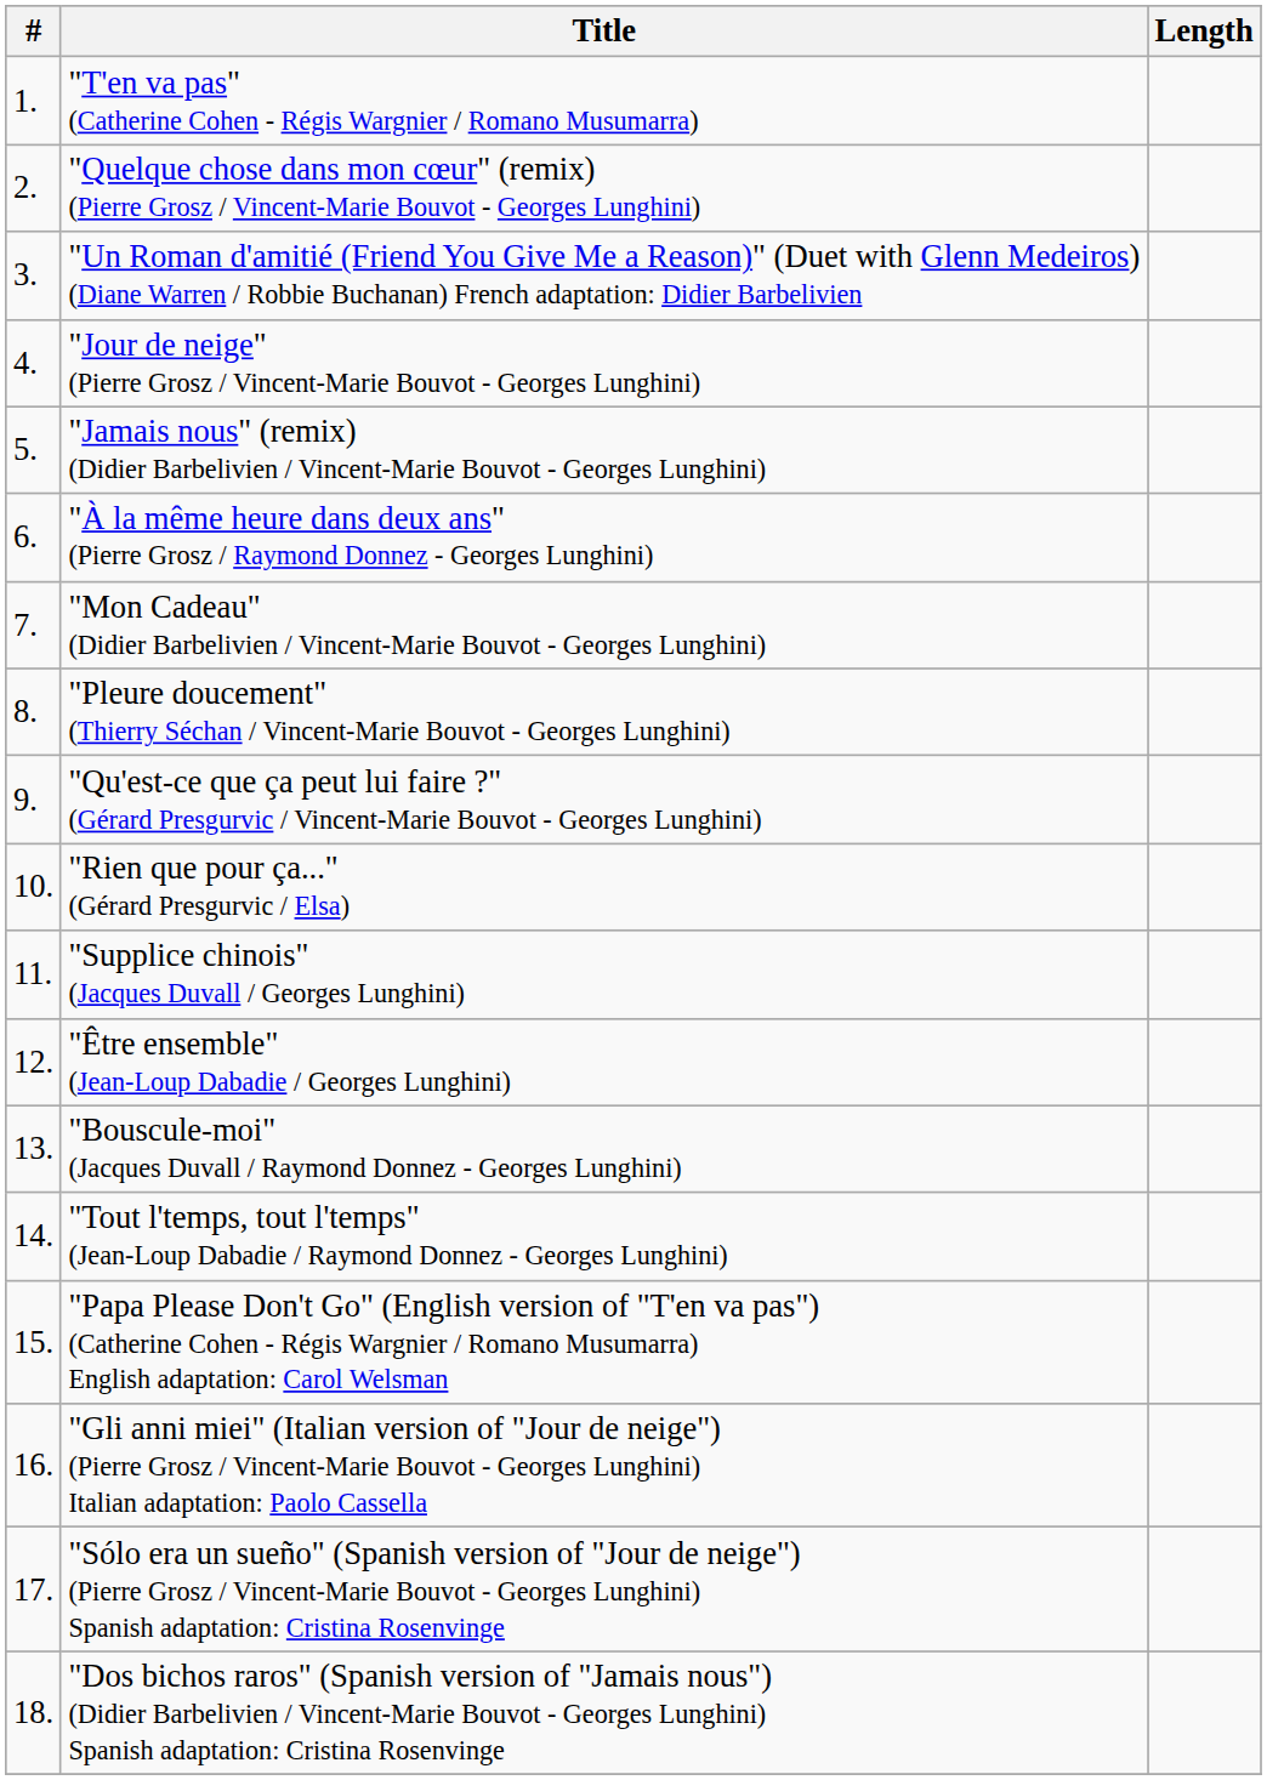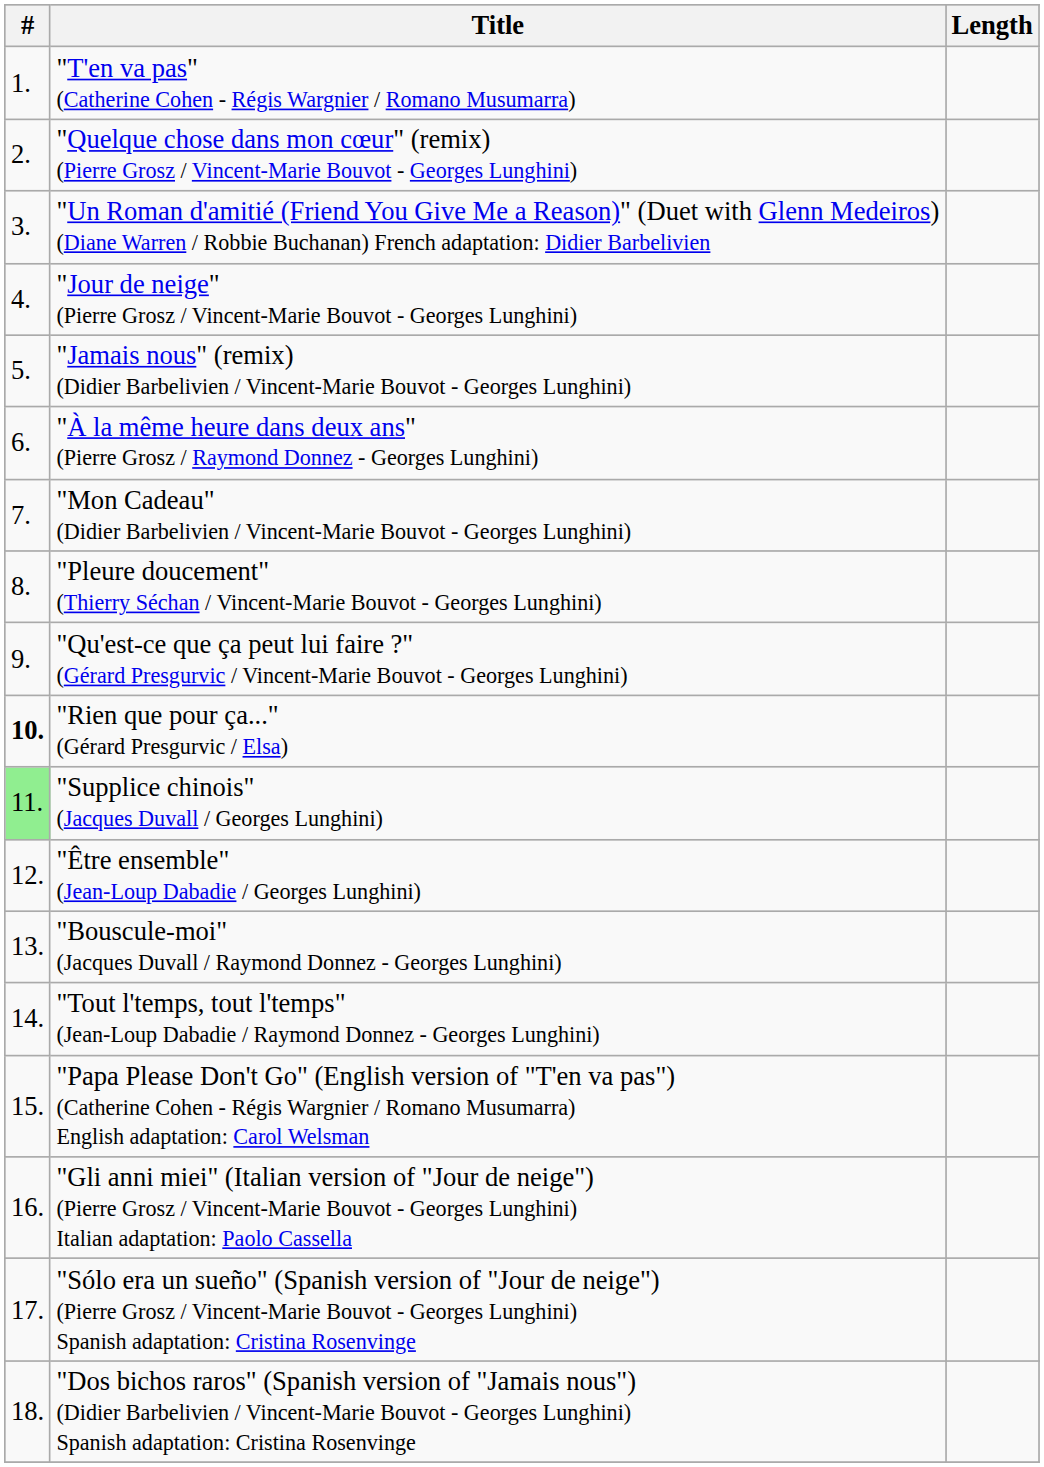 <table class="wikitable" size=80%>
 <tr>
 <th>#</th>
 <th>Title</th>
 <th>Length</th>
 </tr>
 <tr>
 <td>1.</td>
 <td>"<a href='#'>T'en va pas</a>" <br><small>(<a href='#'>Catherine Cohen</a> - <a href='#'>Régis Wargnier</a> / <a href='#'>Romano Musumarra</a>)</small></td>
 <td></td>
 </tr>
 <tr>
 <td>2.</td>
 <td>"<a href='#'>Quelque chose dans mon cœur</a>" (remix) <br><small>(<a href='#'>Pierre Grosz</a> / <a href='#'>Vincent-Marie Bouvot</a> - <a href='#'>Georges Lunghini</a>)</small></td>
 <td></td>
 </tr>
 <tr>
 <td>3.</td>
 <td>"<a href='#'>Un Roman d'amitié (Friend You Give Me a Reason)</a>" (Duet with <a href='#'>Glenn Medeiros</a>) <br><small>(<a href='#'>Diane Warren</a> / Robbie Buchanan) French adaptation: <a href='#'>Didier Barbelivien</a></small></td>
 <td></td>
 </tr>
 <tr>
 <td>4.</td>
 <td>"<a href='#'>Jour de neige</a>" <br><small>(Pierre Grosz / Vincent-Marie Bouvot - Georges Lunghini)</small></td>
 <td></td>
 </tr>
 <tr>
 <td>5.</td>
 <td>"<a href='#'>Jamais nous</a>" (remix) <br><small>(Didier Barbelivien / Vincent-Marie Bouvot - Georges Lunghini)</small></td>
 <td></td>
 </tr>
 <tr>
 <td>6.</td>
 <td>"<a href='#'>À la même heure dans deux ans</a>" <br><small>(Pierre Grosz / <a href='#'>Raymond Donnez</a> - Georges Lunghini)</small></td>
 <td></td>
 </tr>
 <tr>
 <td>7.</td>
 <td>"Mon Cadeau" <br><small>(Didier Barbelivien / Vincent-Marie Bouvot - Georges Lunghini)</small></td>
 <td></td>
 </tr>
 <tr>
 <td>8.</td>
 <td>"Pleure doucement" <br><small>(<a href='#'>Thierry Séchan</a> / Vincent-Marie Bouvot - Georges Lunghini)</small></td>
 <td></td>
 </tr>
 <tr>
 <td>9.</td>
 <td>"Qu'est-ce que ça peut lui faire ?" <br><small>(<a href='#'>Gérard Presgurvic</a> / Vincent-Marie Bouvot - Georges Lunghini)</small></td>
 <td></td>
 </tr>
 <tr>
-<td>10.</td>
+<td><strong>10.</strong></td>
 <td>"Rien que pour ça..." <br><small>(Gérard Presgurvic / <a href='#'>Elsa</a>)</small></td>
 <td></td>
 </tr>
 <tr>
-<td>11.</td>
+<td style="background: lightgreen;">11.</td>
 <td>"Supplice chinois" <br><small>(<a href='#'>Jacques Duvall</a> / Georges Lunghini)</small></td>
 <td></td>
 </tr>
 <tr>
 <td>12.</td>
 <td>"Être ensemble" <br><small>(<a href='#'>Jean-Loup Dabadie</a> / Georges Lunghini)</small></td>
 <td></td>
 </tr>
 <tr>
 <td>13.</td>
 <td>"Bouscule-moi" <br><small>(Jacques Duvall / Raymond Donnez - Georges Lunghini)</small></td>
 <td></td>
 </tr>
 <tr>
 <td>14.</td>
 <td>"Tout l'temps, tout l'temps" <br><small>(Jean-Loup Dabadie / Raymond Donnez - Georges Lunghini)</small></td>
 <td></td>
 </tr>
 <tr>
 <td>15.</td>
 <td>"Papa Please Don't Go" (English version of "T'en va pas") <br><small>(Catherine Cohen - Régis Wargnier / Romano Musumarra)<br>English adaptation: <a href='#'>Carol Welsman</a></small></td>
 <td></td>
 </tr>
 <tr>
 <td>16.</td>
 <td>"Gli anni miei" (Italian version of "Jour de neige") <br><small>(Pierre Grosz / Vincent-Marie Bouvot - Georges Lunghini)<br>Italian adaptation: <a href='#'>Paolo Cassella</a></small></td>
 <td></td>
 </tr>
 <tr>
 <td>17.</td>
 <td>"Sólo era un sueño" (Spanish version of "Jour de neige") <br><small>(Pierre Grosz / Vincent-Marie Bouvot - Georges Lunghini)<br>Spanish adaptation: <a href='#'>Cristina Rosenvinge</a></small></td>
 <td></td>
 </tr>
 <tr>
 <td>18.</td>
 <td>"Dos bichos raros" (Spanish version of "Jamais nous") <br><small>(Didier Barbelivien / Vincent-Marie Bouvot - Georges Lunghini)<br>Spanish adaptation: Cristina Rosenvinge </small></td>
 <td></td>
 </tr>
 <tr>
 </tr>
 </table>
